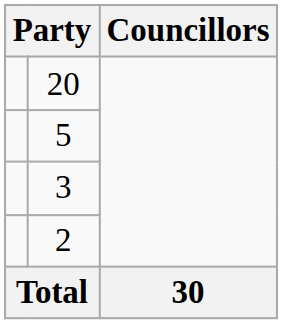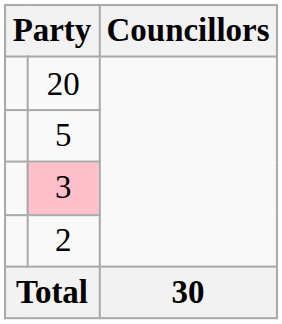 <table class="wikitable">
 <tr>
 <th colspan=2>Party</th>
 <th>Councillors</th>
 </tr>
 <tr>
 <td></td>
 <td align=center>20</td>
 </tr>
 <tr>
 <td></td>
 <td align=center>5</td>
 </tr>
 <tr>
 <td></td>
-<td align=center>3</td>
+<td align=center style="background: pink;">3</td>
 </tr>
 <tr>
 <td></td>
 <td align=center>2</td>
 </tr>
 <tr>
 <th colspan=2>Total</th>
 <th align=center>30</th>
 </tr>
 </table>
